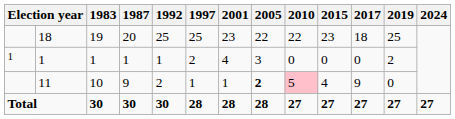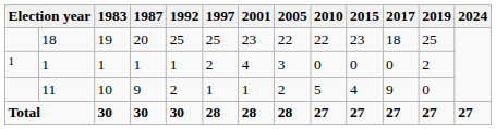 <table class="wikitable">
 <tr>
 <th colspan=2>Election year</th>
 <th>1983</th>
 <th>1987</th>
 <th>1992</th>
 <th>1997</th>
 <th>2001</th>
 <th>2005</th>
 <th>2010</th>
 <th>2015</th>
 <th>2017</th>
 <th>2019</th>
 <th>2024</th>
 </tr>
 <tr>
 <td></td>
 <td>18</td>
 <td>19</td>
 <td>20</td>
 <td>25</td>
 <td>25</td>
 <td>23</td>
 <td>22</td>
 <td>22</td>
 <td>23</td>
 <td>18</td>
 <td>25</td>
 </tr>
 <tr>
 <td><sup>1</sup></td>
 <td>1</td>
 <td>1</td>
 <td>1</td>
 <td>1</td>
 <td>2</td>
 <td>4</td>
 <td>3</td>
 <td>0</td>
 <td>0</td>
 <td>0</td>
 <td>2</td>
 </tr>
 <tr>
 <td></td>
 <td>11</td>
 <td>10</td>
 <td>9</td>
 <td>2</td>
 <td>1</td>
 <td>1</td>
-<td><strong>2</strong></td>
-<td style="background: pink;">5</td>
+<td>2</td>
+<td>5</td>
 <td>4</td>
 <td>9</td>
 <td>0</td>
 </tr>
 <tr>
 <td colspan=2><strong>Total</strong></td>
 <td><strong>30</strong></td>
 <td><strong>30</strong></td>
 <td><strong>30</strong></td>
 <td><strong>28</strong></td>
 <td><strong>28</strong></td>
 <td><strong>28</strong></td>
 <td><strong>27</strong></td>
 <td><strong>27</strong></td>
 <td><strong>27</strong></td>
 <td><strong>27</strong></td>
 <td><strong>27</strong></td>
 </tr>
 </table>
